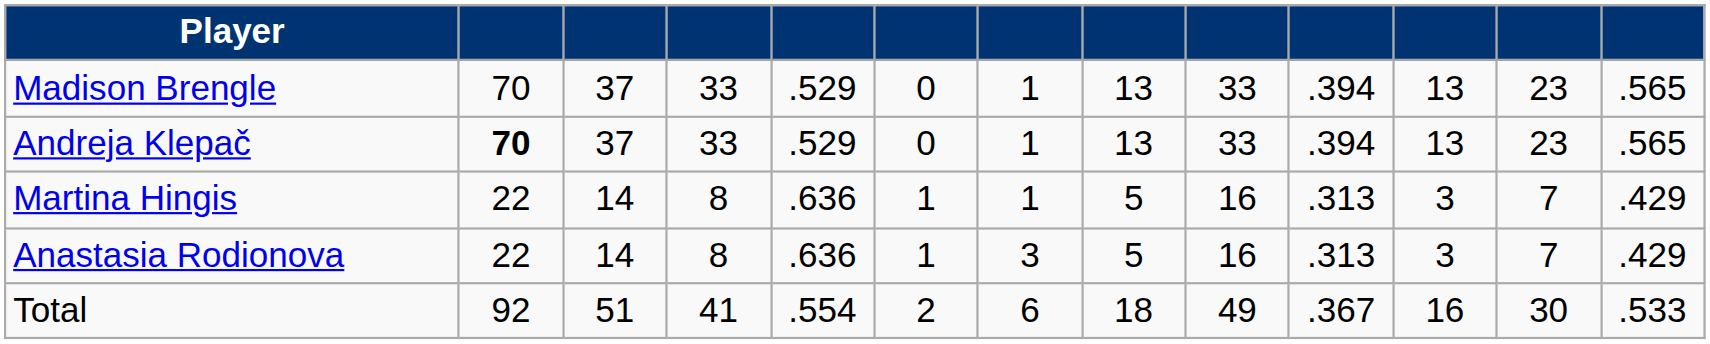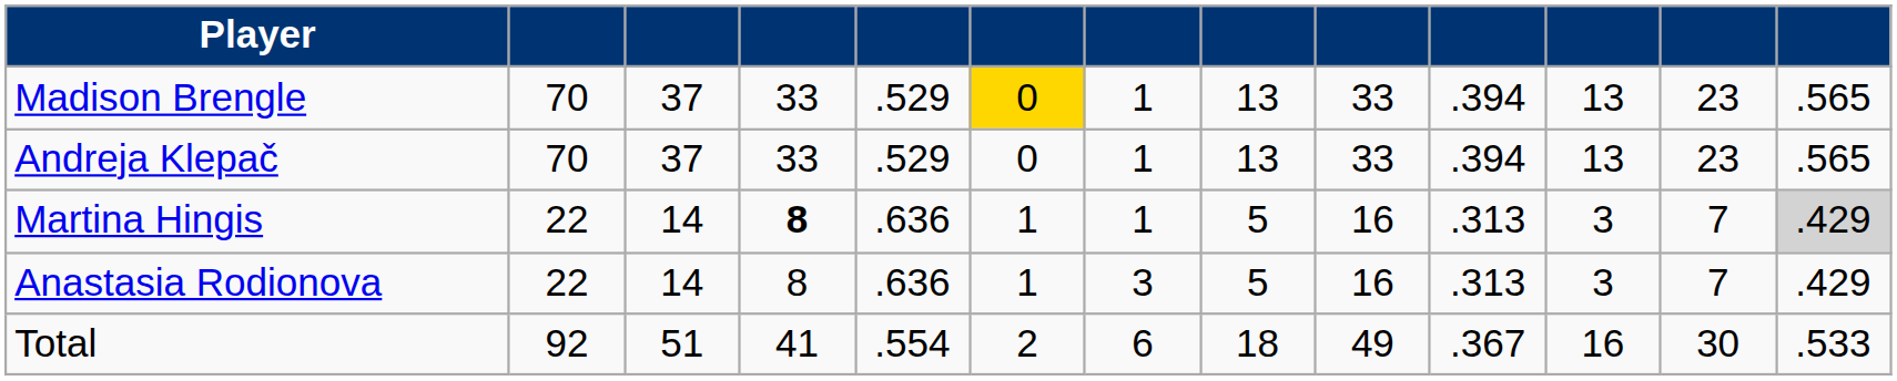 <table class="wikitable" style="text-align:center">
 <tr>
 <th style="background:#003372; color:#fff" width="200px">Player</th>
 <th style="background:#003372; color:#fff" width="40px"></th>
 <th style="background:#003372; color:#fff" width="40px"></th>
 <th style="background:#003372; color:#fff" width="40px"></th>
 <th style="background:#003372; color:#fff" width="40px"></th>
 <th style="background:#003372; color:#fff" width="40px"></th>
 <th style="background:#003372; color:#fff" width="40px"></th>
 <th style="background:#003372; color:#fff" width="40px"></th>
 <th style="background:#003372; color:#fff" width="40px"></th>
 <th style="background:#003372; color:#fff" width="40px"></th>
 <th style="background:#003372; color:#fff" width="40px"></th>
 <th style="background:#003372; color:#fff" width="40px"></th>
 <th style="background:#003372; color:#fff" width="40px"></th>
 </tr>
 <tr>
 <td style="text-align:left"><a href='#'>Madison Brengle</a></td>
 <td>70</td>
 <td>37</td>
 <td>33</td>
 <td>.529</td>
-<td>0</td>
+<td style="background: gold;">0</td>
 <td>1</td>
 <td>13</td>
 <td>33</td>
 <td>.394</td>
 <td>13</td>
 <td>23</td>
 <td>.565</td>
 </tr>
 <tr>
 <td style="text-align:left"><a href='#'>Andreja Klepač</a></td>
-<td><strong>70</strong></td>
+<td>70</td>
 <td>37</td>
 <td>33</td>
 <td>.529</td>
 <td>0</td>
 <td>1</td>
 <td>13</td>
 <td>33</td>
 <td>.394</td>
 <td>13</td>
 <td>23</td>
 <td>.565</td>
 </tr>
 <tr>
 <td style="text-align:left"><a href='#'>Martina Hingis</a></td>
 <td>22</td>
 <td>14</td>
-<td>8</td>
+<td><strong>8</strong></td>
 <td>.636</td>
 <td>1</td>
 <td>1</td>
 <td>5</td>
 <td>16</td>
 <td>.313</td>
 <td>3</td>
 <td>7</td>
-<td>.429</td>
+<td style="background: lightgrey;">.429</td>
 </tr>
 <tr>
 <td style="text-align:left"><a href='#'>Anastasia Rodionova</a></td>
 <td>22</td>
 <td>14</td>
 <td>8</td>
 <td>.636</td>
 <td>1</td>
 <td>3</td>
 <td>5</td>
 <td>16</td>
 <td>.313</td>
 <td>3</td>
 <td>7</td>
 <td>.429</td>
 </tr>
 <tr>
 <td style="text-align:left">Total</td>
 <td>92</td>
 <td>51</td>
 <td>41</td>
 <td>.554</td>
 <td>2</td>
 <td>6</td>
 <td>18</td>
 <td>49</td>
 <td>.367</td>
 <td>16</td>
 <td>30</td>
 <td>.533</td>
 </tr>
 </table>
